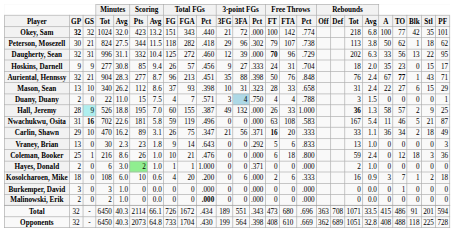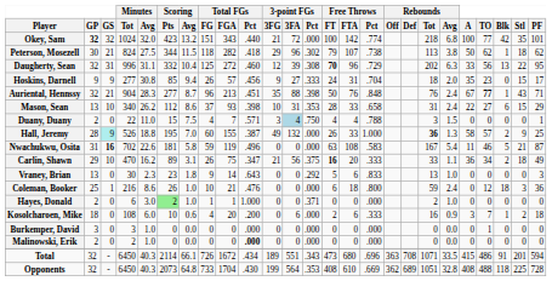 <table class="wikitable sortable" border="1" style="font-size:70%;">
 <tr>
 <th colspan="3" style="border-top-style:hidden; border-left-style:hidden; background: white;"></th>
 <th colspan="2">Minutes</th>
 <th colspan="2">Scoring</th>
 <th colspan="3">Total FGs</th>
 <th colspan="3">3-point FGs</th>
 <th colspan="3">Free Throws</th>
 <th colspan="4">Rebounds</th>
 <th colspan="5" style="border-top-style:hidden; border-right-style:hidden; background: white;"></th>
 </tr>
 <tr>
 <th scope="col">Player</th>
 <th scope="col">GP</th>
 <th scope="col">GS</th>
 <th scope="col">Tot</th>
 <th scope="col">Avg</th>
 <th scope="col">Pts</th>
 <th scope="col">Avg</th>
 <th scope="col">FG</th>
 <th scope="col">FGA</th>
 <th scope="col">Pct</th>
 <th scope="col">3FG</th>
 <th scope="col">3FA</th>
 <th scope="col">Pct</th>
 <th scope="col">FT</th>
 <th scope="col">FTA</th>
 <th scope="col">Pct</th>
 <th scope="col">Off</th>
 <th scope="col">Def</th>
 <th scope="col">Tot</th>
 <th scope="col">Avg</th>
 <th scope="col">A</th>
 <th scope="col">TO</th>
 <th scope="col">Blk</th>
 <th scope="col">Stl</th>
 <th scope="col">PF</th>
 </tr>
 <tr>
 <th style="white-space:nowrap">Okey, Sam</th>
 <td align="right"><strong>32</strong></td>
 <td align="right">32</td>
 <td align="right">1024</td>
 <td align="right">32.0</td>
 <td align="right">423</td>
 <td align="right">13.2</td>
 <td align="right">151</td>
 <td align="right">343</td>
 <td align="right">.440</td>
 <td align="right">21</td>
 <td align="right">72</td>
 <td align="right">.000</td>
 <td align="right">100</td>
 <td align="right">142</td>
 <td align="right">.774</td>
 <td align="right"></td>
 <td align="right"></td>
 <td align="right">218</td>
 <td align="right">6.8</td>
 <td align="right">100</td>
 <td align="right">77</td>
 <td align="right">42</td>
 <td align="right">35</td>
 <td align="right">101</td>
 </tr>
 <tr>
 <th style="white-space:nowrap">Peterson, Mosezell</th>
 <td align="right">30</td>
 <td align="right">21</td>
 <td align="right">824</td>
 <td align="right">27.5</td>
 <td align="right">344</td>
 <td align="right">11.5</td>
 <td align="right">118</td>
 <td align="right">282</td>
 <td align="right">.418</td>
 <td align="right">29</td>
 <td align="right">96</td>
 <td align="right">.302</td>
 <td align="right">79</td>
 <td align="right">107</td>
 <td align="right">.738</td>
 <td align="right"></td>
 <td align="right"></td>
 <td align="right">113</td>
 <td align="right">3.8</td>
 <td align="right">50</td>
 <td align="right">62</td>
 <td align="right">1</td>
 <td align="right">18</td>
 <td align="right">62</td>
 </tr>
 <tr>
 <th style="white-space:nowrap">Daugherty, Sean</th>
 <td align="right">32</td>
 <td align="right">31</td>
 <td align="right">996</td>
 <td align="right">31.1</td>
 <td align="right">332</td>
 <td align="right">10.4</td>
 <td align="right">125</td>
 <td align="right">272</td>
 <td align="right">.460</td>
 <td align="right">12</td>
 <td align="right">39</td>
-<td align="right">.000</td>
+<td align="right">.308</td>
 <td align="right"><strong>70</strong></td>
 <td align="right">96</td>
 <td align="right">.729</td>
 <td align="right"></td>
 <td align="right"></td>
 <td align="right">202</td>
 <td align="right">6.3</td>
 <td align="right">33</td>
 <td align="right">56</td>
 <td align="right">13</td>
 <td align="right">22</td>
 <td align="right">95</td>
 </tr>
 <tr>
 <th style="white-space:nowrap">Hoskins, Darnell</th>
 <td align="right">9</td>
 <td align="right">9</td>
 <td align="right">277</td>
 <td align="right">30.8</td>
 <td align="right">85</td>
 <td align="right">9.4</td>
 <td align="right">26</td>
 <td align="right">57</td>
 <td align="right">.456</td>
 <td align="right">9</td>
 <td align="right">27</td>
 <td align="right">.333</td>
 <td align="right">24</td>
 <td align="right">31</td>
 <td align="right">.704</td>
 <td align="right"></td>
 <td align="right"></td>
 <td align="right">18</td>
 <td align="right">2.0</td>
 <td align="right">35</td>
 <td align="right">23</td>
 <td align="right">0</td>
 <td align="right">15</td>
 <td align="right">17</td>
 </tr>
 <tr>
 <th style="white-space:nowrap">Auriental, Hennssy</th>
 <td align="right">32</td>
 <td align="right">21</td>
 <td align="right">904</td>
 <td align="right">28.3</td>
 <td align="right">277</td>
 <td align="right">8.7</td>
 <td align="right">96</td>
 <td align="right">213</td>
 <td align="right">.451</td>
 <td align="right">35</td>
 <td align="right">88</td>
 <td align="right">.398</td>
 <td align="right">50</td>
 <td align="right">76</td>
 <td align="right">.848</td>
 <td align="right"></td>
 <td align="right"></td>
 <td align="right">76</td>
 <td align="right">2.4</td>
 <td align="right">67</td>
 <td align="right"><strong>77</strong></td>
 <td align="right">1</td>
 <td align="right">43</td>
 <td align="right">71</td>
 </tr>
 <tr>
 <th style="white-space:nowrap">Mason, Sean</th>
 <td align="right">13</td>
 <td align="right">10</td>
 <td align="right">340</td>
 <td align="right">26.2</td>
 <td align="right">112</td>
 <td align="right">8.6</td>
 <td align="right">37</td>
 <td align="right">93</td>
 <td align="right">.398</td>
 <td align="right">10</td>
 <td align="right">31</td>
-<td align="right">.323</td>
+<td align="center">.353</td>
 <td align="right">28</td>
 <td align="right">33</td>
 <td align="right">.658</td>
 <td align="right"></td>
 <td align="right"></td>
 <td align="right">31</td>
 <td align="right">2.4</td>
 <td align="right">22</td>
 <td align="right">27</td>
 <td align="right">6</td>
 <td align="right">15</td>
 <td align="right">29</td>
 </tr>
 <tr>
 <th style="white-space:nowrap">Duany, Duany</th>
 <td align="right">2</td>
 <td align="right">0</td>
 <td align="right">22</td>
 <td align="right">11.0</td>
 <td align="right">15</td>
 <td align="right">7.5</td>
 <td align="right">4</td>
 <td align="right">7</td>
 <td align="right">.571</td>
 <td align="right">3</td>
 <td align="right" style="background: lightblue;">4</td>
 <td align="right">.750</td>
 <td align="right">4</td>
 <td align="right">4</td>
 <td align="right">.788</td>
 <td align="right"></td>
 <td align="right"></td>
 <td align="right">3</td>
 <td align="right">1.5</td>
 <td align="right">0</td>
 <td align="right">0</td>
 <td align="right">0</td>
 <td align="right">0</td>
 <td align="right">1</td>
 </tr>
 <tr>
 <th style="white-space:nowrap">Hall, Jeremy</th>
 <td align="right">28</td>
 <td align="right" style="background: paleturquoise;">9</td>
 <td align="right">526</td>
 <td align="right">18.8</td>
 <td align="right">195</td>
 <td align="right">7.0</td>
 <td align="right">60</td>
 <td align="right">155</td>
 <td align="right">.387</td>
 <td align="right">49</td>
 <td align="right">132</td>
 <td align="right">.000</td>
 <td align="right">26</td>
 <td align="right">33</td>
 <td align="right">1.000</td>
 <td align="right"></td>
 <td align="right"></td>
 <td align="right"><strong>36</strong></td>
 <td align="right">1.3</td>
 <td align="right">58</td>
 <td align="right">57</td>
 <td align="right">2</td>
 <td align="right">9</td>
 <td align="right">25</td>
 </tr>
 <tr>
 <th style="white-space:nowrap">Nwachukwu, Osita</th>
 <td align="right">31</td>
 <td align="right"><strong>16</strong></td>
 <td align="right">702</td>
 <td align="right">22.6</td>
 <td align="right">181</td>
 <td align="right">5.8</td>
 <td align="right">59</td>
 <td align="right">119</td>
 <td align="right">.496</td>
 <td align="right">0</td>
 <td align="right">0</td>
 <td align="right">.000</td>
 <td align="right">63</td>
 <td align="right">108</td>
 <td align="right">.583</td>
 <td align="right"></td>
 <td align="right"></td>
 <td align="right">167</td>
 <td align="right">5.4</td>
 <td align="right">11</td>
 <td align="right">46</td>
 <td align="right">5</td>
 <td align="right">21</td>
 <td align="right">87</td>
 </tr>
 <tr>
 <th style="white-space:nowrap">Carlin, Shawn</th>
 <td align="right">29</td>
 <td align="right">10</td>
 <td align="right">470</td>
 <td align="right">16.2</td>
 <td align="right">89</td>
 <td align="right">3.1</td>
 <td align="right">26</td>
 <td align="right">75</td>
 <td align="right">.347</td>
 <td align="right">21</td>
 <td align="right">56</td>
-<td align="right">.371</td>
+<td align="right">.375</td>
 <td align="right"><strong>16</strong></td>
 <td align="right">20</td>
 <td align="right">.333</td>
 <td align="right"></td>
 <td align="right"></td>
 <td align="right">33</td>
 <td align="right">1.1</td>
 <td align="right">36</td>
 <td align="right">34</td>
 <td align="right">2</td>
 <td align="right">18</td>
 <td align="right">49</td>
 </tr>
 <tr>
 <th style="white-space:nowrap">Vraney, Brian</th>
 <td align="right">13</td>
 <td align="right">0</td>
 <td align="right">30</td>
 <td align="right">2.3</td>
 <td align="right">23</td>
 <td align="right">1.8</td>
 <td align="right">9</td>
 <td align="right">14</td>
 <td align="right">.643</td>
 <td align="right">0</td>
 <td align="right">0</td>
 <td align="right">.292</td>
 <td align="right">5</td>
 <td align="right">6</td>
 <td align="right">.833</td>
 <td align="right"></td>
 <td align="right"></td>
 <td align="right">13</td>
 <td align="right">1.0</td>
 <td align="right">0</td>
 <td align="right">0</td>
 <td align="right">0</td>
 <td align="right">0</td>
 <td align="right">3</td>
 </tr>
 <tr>
 <th style="white-space:nowrap">Coleman, Booker</th>
 <td align="right">25</td>
 <td align="right">1</td>
 <td align="right">216</td>
 <td align="right">8.6</td>
 <td align="right">26</td>
 <td align="right">1.0</td>
 <td align="right">10</td>
 <td align="right">21</td>
 <td align="right">.476</td>
 <td align="right">0</td>
 <td align="right">0</td>
 <td align="right">.000</td>
 <td align="right">6</td>
 <td align="right">18</td>
 <td align="right">.800</td>
 <td align="right"></td>
 <td align="right"></td>
 <td align="right">59</td>
 <td align="right">2.4</td>
 <td align="right">0</td>
 <td align="right">12</td>
 <td align="right">18</td>
 <td align="right">3</td>
 <td align="right">36</td>
 </tr>
 <tr>
 <th style="white-space:nowrap">Hayes, Donald</th>
 <td align="right">2</td>
 <td align="right">0</td>
 <td align="right">6</td>
 <td align="right">3.0</td>
 <td align="right" style="background: lightgreen;">2</td>
 <td align="right">1.0</td>
 <td align="right">1</td>
 <td align="right">1</td>
 <td align="right">1.000</td>
 <td align="right">0</td>
 <td align="right">0</td>
 <td align="right">.371</td>
 <td align="right">0</td>
 <td align="right">0</td>
 <td align="right">.000</td>
 <td align="right"></td>
 <td align="right"></td>
 <td align="right">2</td>
 <td align="right">1.0</td>
 <td align="right">0</td>
 <td align="right">0</td>
 <td align="right">0</td>
 <td align="right">0</td>
 <td align="right">0</td>
 </tr>
 <tr>
 <th>Kosolcharoen, Mike</th>
 <td align="right">18</td>
 <td align="right">0</td>
 <td align="right">108</td>
 <td align="right">6.0</td>
 <td align="right">10</td>
 <td align="right">0.6</td>
 <td align="right">4</td>
 <td align="right">20</td>
 <td align="right">.200</td>
 <td align="right">0</td>
 <td align="right">6</td>
 <td align="right">.000</td>
 <td align="right">2</td>
 <td align="right">6</td>
 <td align="right">.333</td>
 <td align="right"></td>
 <td align="right"></td>
 <td align="right">16</td>
 <td align="right">0.9</td>
 <td align="right">3</td>
 <td align="right">7</td>
 <td align="right">1</td>
 <td align="right">2</td>
 <td align="right">18</td>
 </tr>
 <tr>
 <th>Burkemper, David</th>
 <td align="right">3</td>
 <td align="right">0</td>
 <td align="right">3</td>
 <td align="right">1.0</td>
 <td align="right">0</td>
 <td align="right">0.0</td>
 <td align="right">0</td>
 <td align="right">0</td>
 <td align="right">.000</td>
 <td align="right">0</td>
 <td align="right">0</td>
 <td align="right">.000</td>
 <td align="right">0</td>
 <td align="right">0</td>
 <td align="right">.000</td>
 <td align="right"></td>
 <td align="right"></td>
 <td align="right">0</td>
 <td align="right">0.0</td>
 <td align="right">0</td>
 <td align="right">1</td>
 <td align="right">0</td>
 <td align="right">0</td>
 <td align="right">0</td>
 </tr>
 <tr>
 <th>Malinowski, Erik</th>
 <td align="right">2</td>
 <td align="right">0</td>
 <td align="right">2</td>
 <td align="right">1.0</td>
 <td align="right">0</td>
 <td align="right">0.0</td>
 <td align="right">0</td>
 <td align="right">0</td>
 <td align="right"><strong>.000</strong></td>
 <td align="right">0</td>
 <td align="right">0</td>
 <td align="right">.000</td>
 <td align="right">0</td>
 <td align="right">0</td>
 <td align="right">.000</td>
 <td align="right"></td>
 <td align="right"></td>
 <td align="right">0</td>
 <td align="right">0.0</td>
 <td align="right">0</td>
 <td align="right">0</td>
 <td align="right">0</td>
 <td align="right">0</td>
 <td align="right">0</td>
 </tr>
 <tr>
 </tr>
 <tr class="sortbottom">
 <td align="center"><strong>Total</strong></td>
 <td align="center">32</td>
 <td align="center">-</td>
 <td align="center">6450</td>
 <td align="center">40.3</td>
 <td align="center">2114</td>
 <td align="center">66.1</td>
 <td align="center">726</td>
 <td align="center">1672</td>
 <td align="center">.434</td>
 <td align="center">189</td>
 <td align="center">551</td>
 <td align="center">.343</td>
 <td align="center">473</td>
 <td align="center">680</td>
 <td align="center">.696</td>
 <td align="center">363</td>
 <td align="center">708</td>
 <td align="center">1071</td>
 <td align="center">33.5</td>
 <td align="center">415</td>
 <td align="center">486</td>
 <td align="center">91</td>
 <td align="center">201</td>
 <td align="center">594</td>
 </tr>
 <tr class="sortbottom">
 <td align="center"><strong>Opponents</strong></td>
 <td align="center">32</td>
 <td align="center">-</td>
 <td align="center">6450</td>
 <td align="center">40.3</td>
 <td align="center">2073</td>
 <td align="center">64.8</td>
 <td align="center">733</td>
 <td align="center">1704</td>
 <td align="center">.430</td>
 <td align="center">199</td>
 <td align="center">564</td>
-<td align="right">.398</td>
+<td align="center">.353</td>
 <td align="center">408</td>
 <td align="center">610</td>
 <td align="center">.669</td>
 <td align="center">362</td>
 <td align="center">689</td>
 <td align="center">1051</td>
 <td align="center">32.8</td>
 <td align="center">408</td>
 <td align="center">488</td>
 <td align="center">118</td>
 <td align="center">225</td>
 <td align="center">728</td>
 </tr>
 </table>
